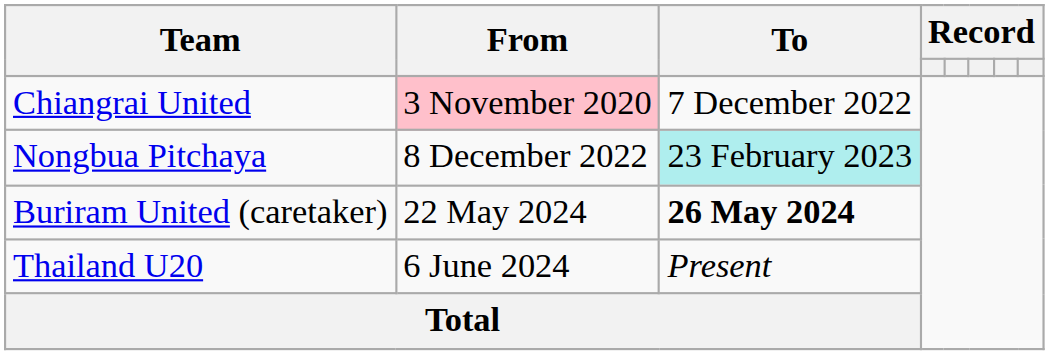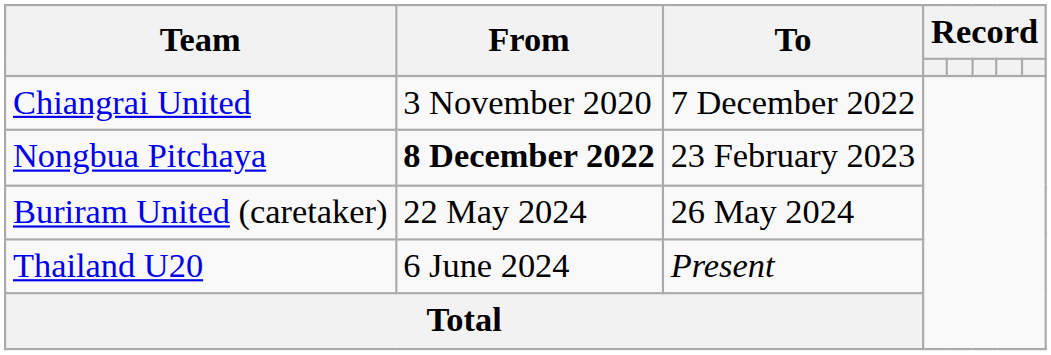 <table class="wikitable" style="text-align: center">
 <tr>
 <th rowspan="2">Team</th>
 <th rowspan="2">From</th>
 <th rowspan="2">To</th>
 <th colspan="5">Record</th>
 </tr>
 <tr>
 <th></th>
 <th></th>
 <th></th>
 <th></th>
 <th></th>
 </tr>
 <tr>
 <td align="left"><a href='#'>Chiangrai United</a></td>
-<td align="left" style="background: pink;">3 November 2020</td>
+<td align="left">3 November 2020</td>
 <td align="left">7 December 2022<br></td>
 </tr>
 <tr>
 <td align="left"><a href='#'>Nongbua Pitchaya</a></td>
-<td align="left">8 December 2022</td>
-<td align="left" style="background: paleturquoise;">23 February 2023<br></td>
+<td align="left"><strong>8 December 2022</strong></td>
+<td align="left">23 February 2023<br></td>
 </tr>
 <tr>
 <td align="left"><a href='#'>Buriram United</a> (caretaker)</td>
 <td align="left">22 May 2024</td>
-<td align="left"><strong>26 May 2024<br></strong></td>
+<td align="left">26 May 2024<br></td>
 </tr>
 <tr>
 <td align="left"><a href='#'>Thailand U20</a></td>
 <td align="left">6 June 2024</td>
 <td align="left"><em>Present</em><br></td>
 </tr>
 <tr>
 <th colspan="3">Total<br></th>
 </tr>
 </table>
